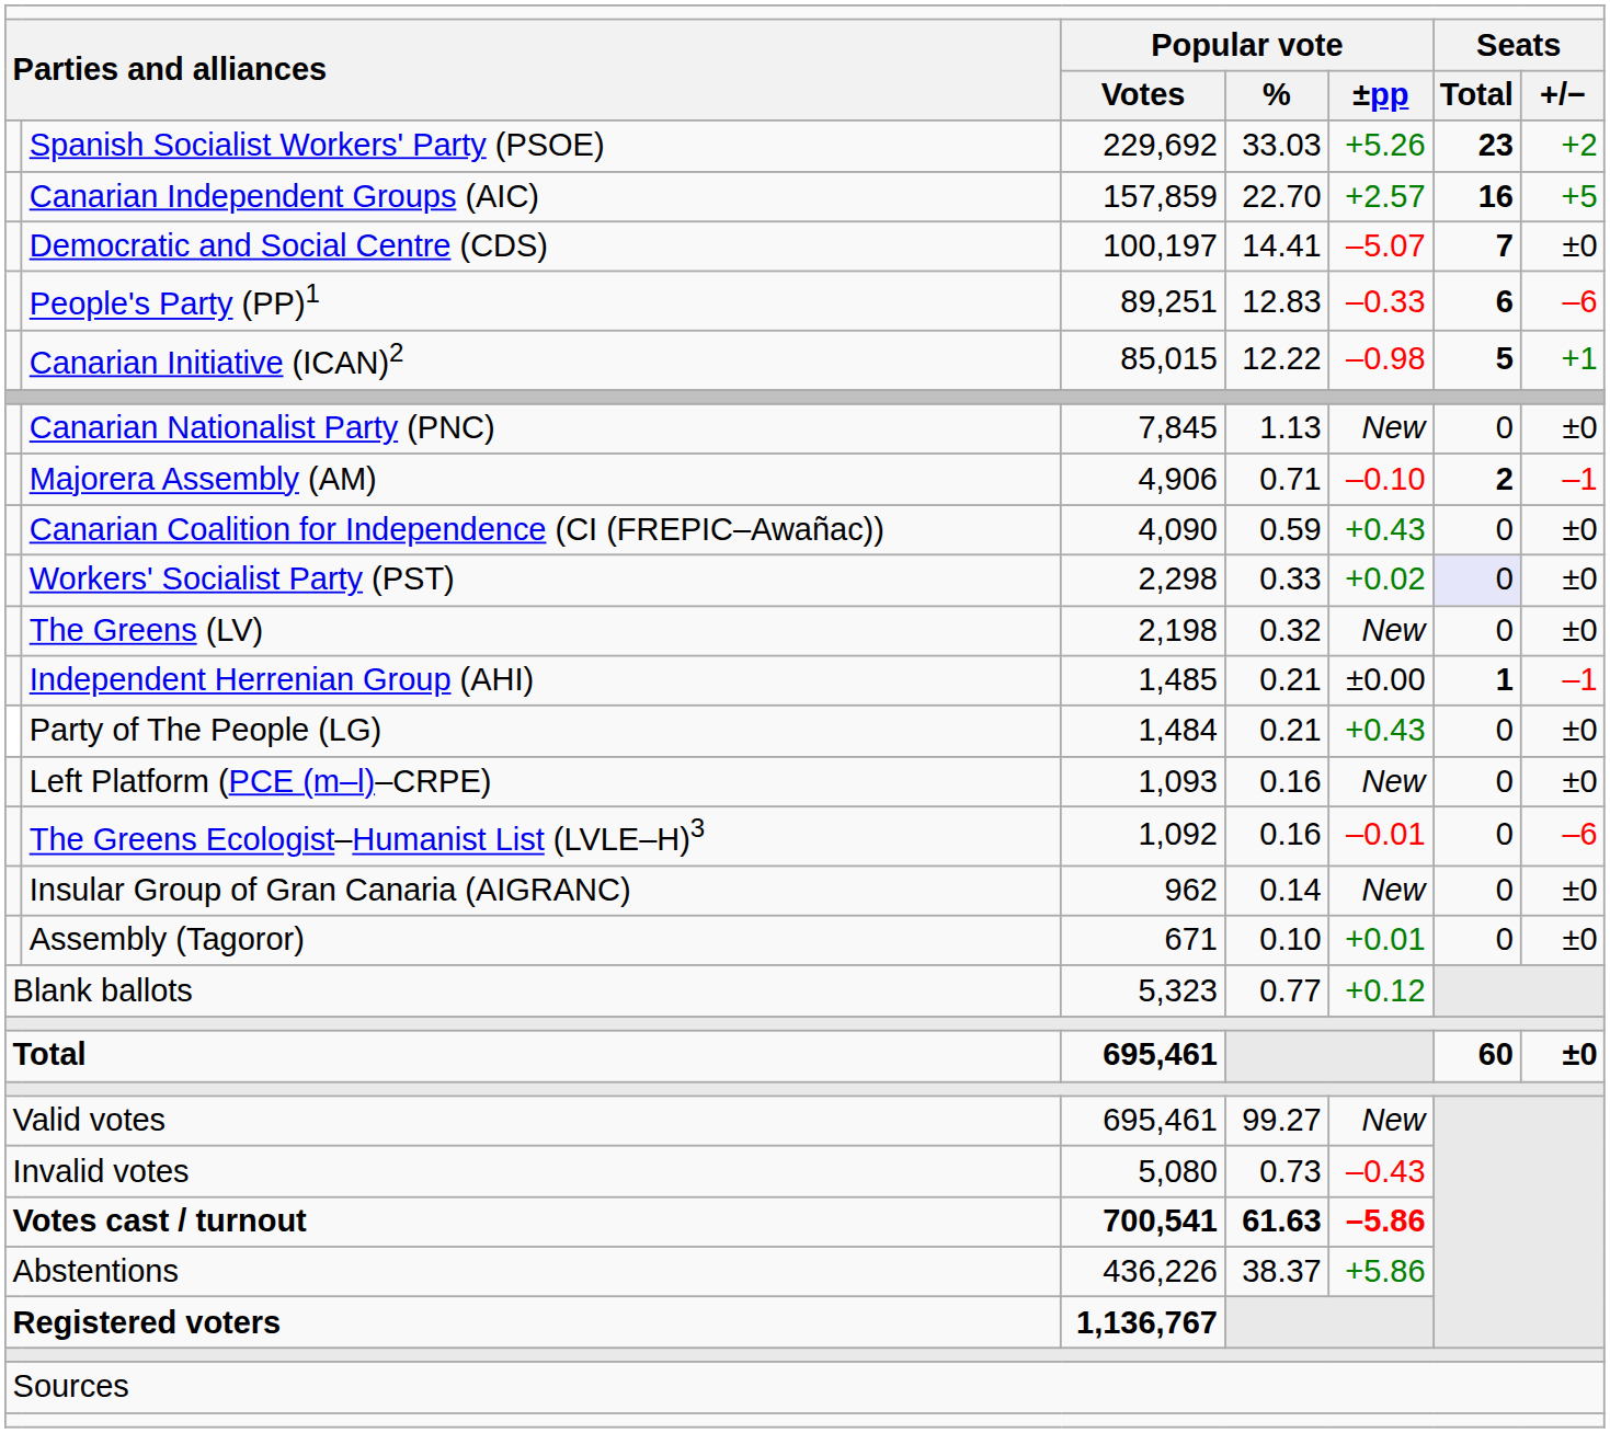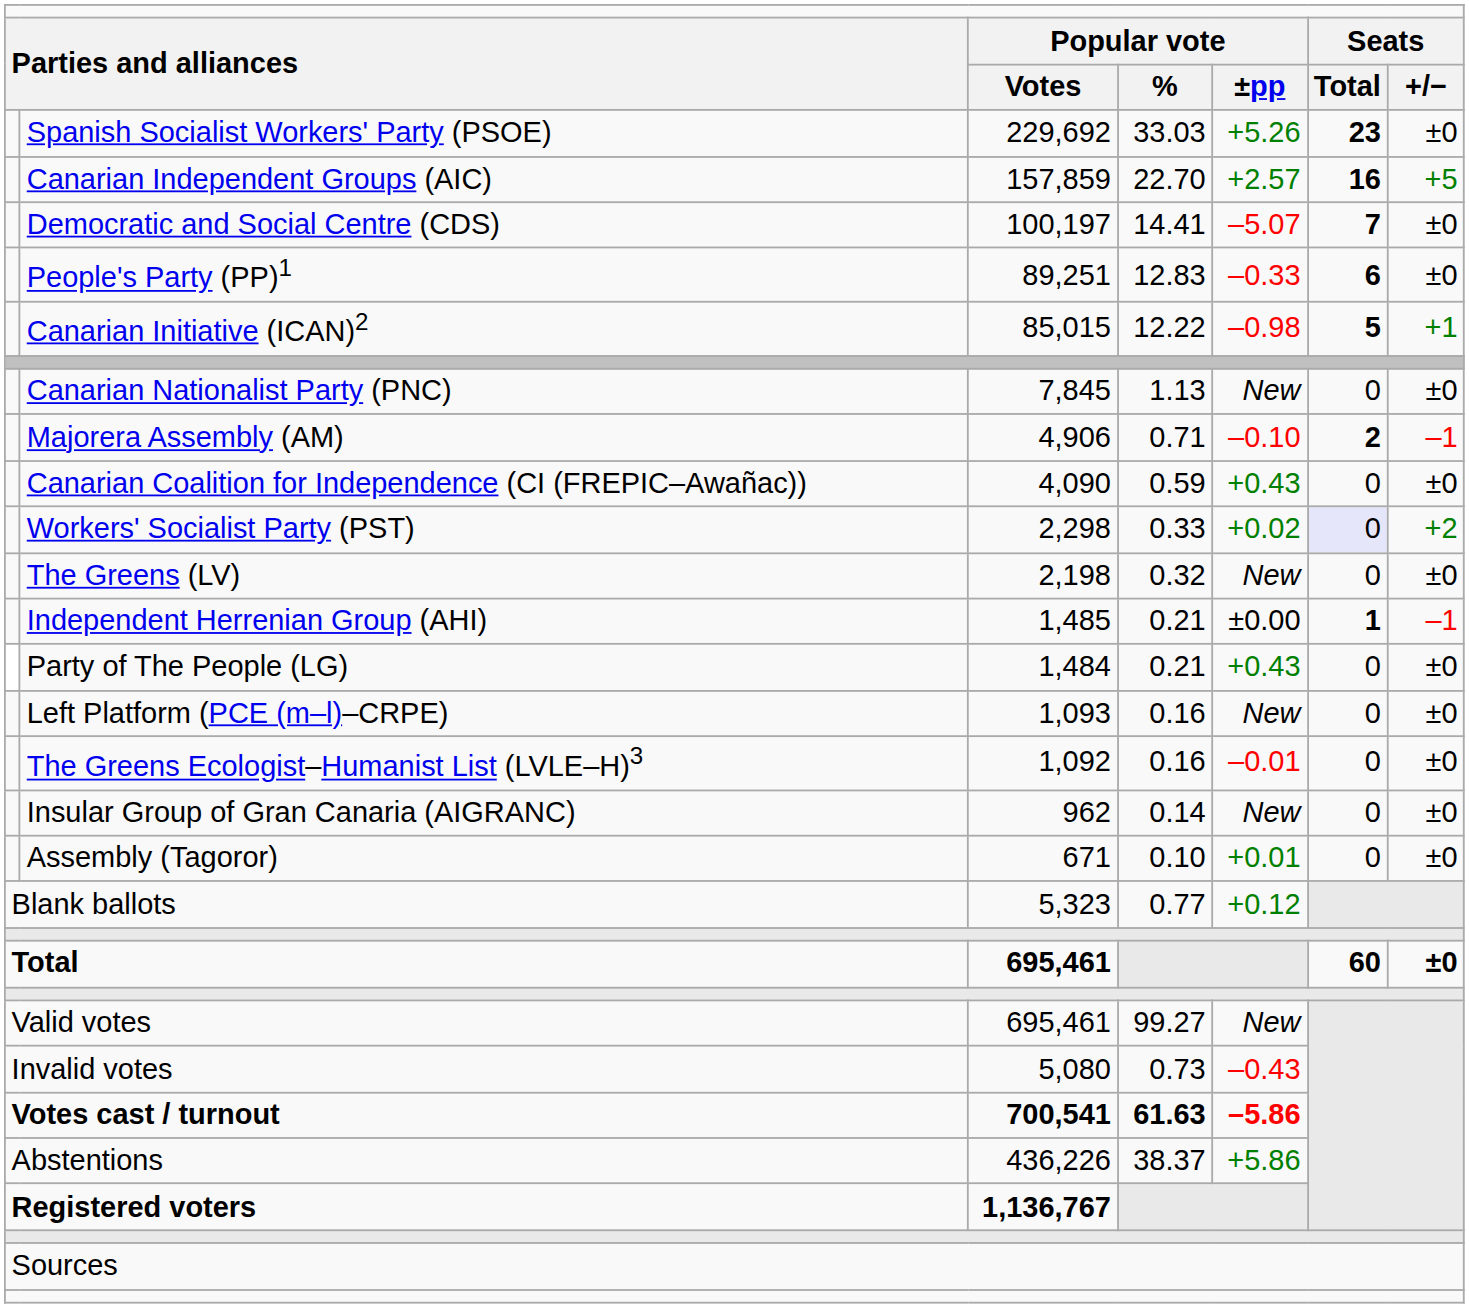 <table class="wikitable" style="text-align:right;">
 <tr>
 <td colspan="7"></td>
 </tr>
 <tr>
 <th style="text-align:left;" rowspan="2" colspan="2" width="525">Parties and alliances</th>
 <th colspan="3">Popular vote</th>
 <th colspan="2">Seats</th>
 </tr>
 <tr>
 <th width="75">Votes</th>
 <th width="45">%</th>
 <th width="45">±<a href='#'>pp</a></th>
 <th width="35">Total</th>
 <th width="35">+/−</th>
 </tr>
 <tr>
 <td width="1" style="color:inherit;background:"></td>
 <td align="left"><a href='#'>Spanish Socialist Workers' Party</a> (PSOE)</td>
 <td>229,692</td>
 <td>33.03</td>
 <td style="color:green;">+5.26</td>
 <td><strong>23</strong></td>
-<td style="color:green;">+2</td>
+<td>±0</td>
 </tr>
 <tr>
 <td style="color:inherit;background:"></td>
 <td align="left"><a href='#'>Canarian Independent Groups</a> (AIC)</td>
 <td>157,859</td>
 <td>22.70</td>
 <td style="color:green;">+2.57</td>
 <td><strong>16</strong></td>
 <td style="color:green;">+5</td>
 </tr>
 <tr>
 <td style="color:inherit;background:"></td>
 <td align="left"><a href='#'>Democratic and Social Centre</a> (CDS)</td>
 <td>100,197</td>
 <td>14.41</td>
 <td style="color:red;">–5.07</td>
 <td><strong>7</strong></td>
 <td>±0</td>
 </tr>
 <tr>
 <td style="color:inherit;background:"></td>
 <td align="left"><a href='#'>People's Party</a> (PP)<sup>1</sup></td>
 <td>89,251</td>
 <td>12.83</td>
 <td style="color:red;">–0.33</td>
 <td><strong>6</strong></td>
-<td style="color:red;">–6</td>
+<td>±0</td>
 </tr>
 <tr>
 <td style="color:inherit;background:"></td>
 <td align="left"><a href='#'>Canarian Initiative</a> (ICAN)<sup>2</sup></td>
 <td>85,015</td>
 <td>12.22</td>
 <td style="color:red;">–0.98</td>
 <td><strong>5</strong></td>
 <td style="color:green;">+1</td>
 </tr>
 <tr>
 <td colspan="7" bgcolor="#C0C0C0"></td>
 </tr>
 <tr>
 <td style="color:inherit;background:"></td>
 <td align="left"><a href='#'>Canarian Nationalist Party</a> (PNC)</td>
 <td>7,845</td>
 <td>1.13</td>
 <td><em>New</em></td>
 <td>0</td>
 <td>±0</td>
 </tr>
 <tr>
 <td style="color:inherit;background:"></td>
 <td align="left"><a href='#'>Majorera Assembly</a> (AM)</td>
 <td>4,906</td>
 <td>0.71</td>
 <td style="color:red;">–0.10</td>
 <td><strong>2</strong></td>
 <td style="color:red;">–1</td>
 </tr>
 <tr>
 <td style="color:inherit;background:"></td>
 <td align="left"><a href='#'>Canarian Coalition for Independence</a> (CI (FREPIC–Awañac))</td>
 <td>4,090</td>
 <td>0.59</td>
 <td style="color:green;">+0.43</td>
 <td>0</td>
 <td>±0</td>
 </tr>
 <tr>
 <td style="color:inherit;background:"></td>
 <td align="left"><a href='#'>Workers' Socialist Party</a> (PST)</td>
 <td>2,298</td>
 <td>0.33</td>
 <td style="color:green;">+0.02</td>
 <td style="background: lavender;">0</td>
-<td>±0</td>
+<td style="color:green;">+2</td>
 </tr>
 <tr>
 <td style="color:inherit;background:"></td>
 <td align="left"><a href='#'>The Greens</a> (LV)</td>
 <td>2,198</td>
 <td>0.32</td>
 <td><em>New</em></td>
 <td>0</td>
 <td>±0</td>
 </tr>
 <tr>
 <td style="color:inherit;background:"></td>
 <td align="left"><a href='#'>Independent Herrenian Group</a> (AHI)</td>
 <td>1,485</td>
 <td>0.21</td>
 <td>±0.00</td>
 <td><strong>1</strong></td>
 <td style="color:red;">–1</td>
 </tr>
 <tr>
 <td bgcolor="white"></td>
 <td align="left">Party of The People (LG)</td>
 <td>1,484</td>
 <td>0.21</td>
 <td style="color:green;">+0.43</td>
 <td>0</td>
 <td>±0</td>
 </tr>
 <tr>
 <td style="color:inherit;background:"></td>
 <td align="left">Left Platform (<a href='#'>PCE (m–l)</a>–CRPE)</td>
 <td>1,093</td>
 <td>0.16</td>
 <td><em>New</em></td>
 <td>0</td>
 <td>±0</td>
 </tr>
 <tr>
 <td style="color:inherit;background:"></td>
 <td align="left"><a href='#'>The Greens Ecologist</a>–<a href='#'>Humanist List</a> (LVLE–H)<sup>3</sup></td>
 <td>1,092</td>
 <td>0.16</td>
 <td style="color:red;">–0.01</td>
 <td>0</td>
-<td style="color:red;">–6</td>
+<td>±0</td>
 </tr>
 <tr>
 <td style="color:inherit;background:"></td>
 <td align="left">Insular Group of Gran Canaria (AIGRANC)</td>
 <td>962</td>
 <td>0.14</td>
 <td><em>New</em></td>
 <td>0</td>
 <td>±0</td>
 </tr>
 <tr>
 <td style="color:inherit;background:"></td>
 <td align="left">Assembly (Tagoror)</td>
 <td>671</td>
 <td>0.10</td>
 <td style="color:green;">+0.01</td>
 <td>0</td>
 <td>±0</td>
 </tr>
 <tr>
 <td align="left" colspan="2">Blank ballots</td>
 <td>5,323</td>
 <td>0.77</td>
 <td style="color:green;">+0.12</td>
 <td bgcolor="#E9E9E9" colspan="2"></td>
 </tr>
 <tr>
 <td colspan="7" bgcolor="#E9E9E9"></td>
 </tr>
 <tr style="font-weight:bold;">
 <td align="left" colspan="2">Total</td>
 <td>695,461</td>
 <td bgcolor="#E9E9E9" colspan="2"></td>
 <td>60</td>
 <td>±0</td>
 </tr>
 <tr>
 <td colspan="7" bgcolor="#E9E9E9"></td>
 </tr>
 <tr>
 <td align="left" colspan="2">Valid votes</td>
 <td>695,461</td>
 <td>99.27</td>
 <td><em>New</em></td>
 <td bgcolor="#E9E9E9" colspan="2" rowspan="5"></td>
 </tr>
 <tr>
 <td align="left" colspan="2">Invalid votes</td>
 <td>5,080</td>
 <td>0.73</td>
 <td style="color:red;">–0.43</td>
 </tr>
 <tr style="font-weight:bold;">
 <td align="left" colspan="2">Votes cast / turnout</td>
 <td>700,541</td>
 <td>61.63</td>
 <td style="color:red;">–5.86</td>
 </tr>
 <tr>
 <td align="left" colspan="2">Abstentions</td>
 <td>436,226</td>
 <td>38.37</td>
 <td style="color:green;">+5.86</td>
 </tr>
 <tr style="font-weight:bold;">
 <td align="left" colspan="2">Registered voters</td>
 <td>1,136,767</td>
 <td bgcolor="#E9E9E9" colspan="2"></td>
 </tr>
 <tr>
 <td colspan="7" bgcolor="#E9E9E9"></td>
 </tr>
 <tr>
 <td align="left" colspan="7">Sources</td>
 </tr>
 <tr>
 <td colspan="7" style="text-align:left; max-width:790px;"></td>
 </tr>
 </table>
